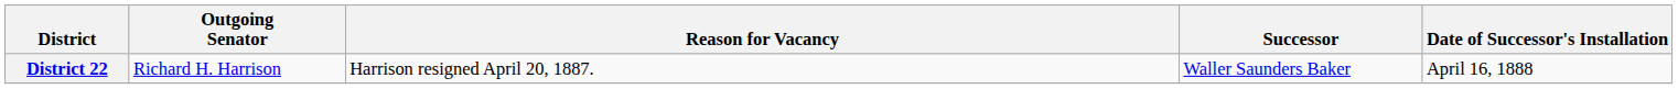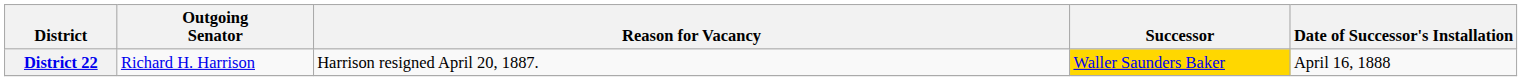 <table class="wikitable">
 <tr bgcolor="#cccccc" align="center" valign="bottom">
 <th>District</th>
 <th>Outgoing<br>Senator</th>
 <th width="50%">Reason for Vacancy</th>
 <th>Successor</th>
 <th width="15%">Date of Successor's Installation</th>
 </tr>
 <tr>
 <th><a href='#'>District 22</a></th>
 <td><a href='#'>Richard H. Harrison</a></td>
 <td>Harrison resigned April 20, 1887.</td>
-<td><a href='#'>Waller Saunders Baker</a></td>
+<td style="background: gold;"><a href='#'>Waller Saunders Baker</a></td>
 <td>April 16, 1888</td>
 </tr>
 <tr>
 </tr>
 </table>
